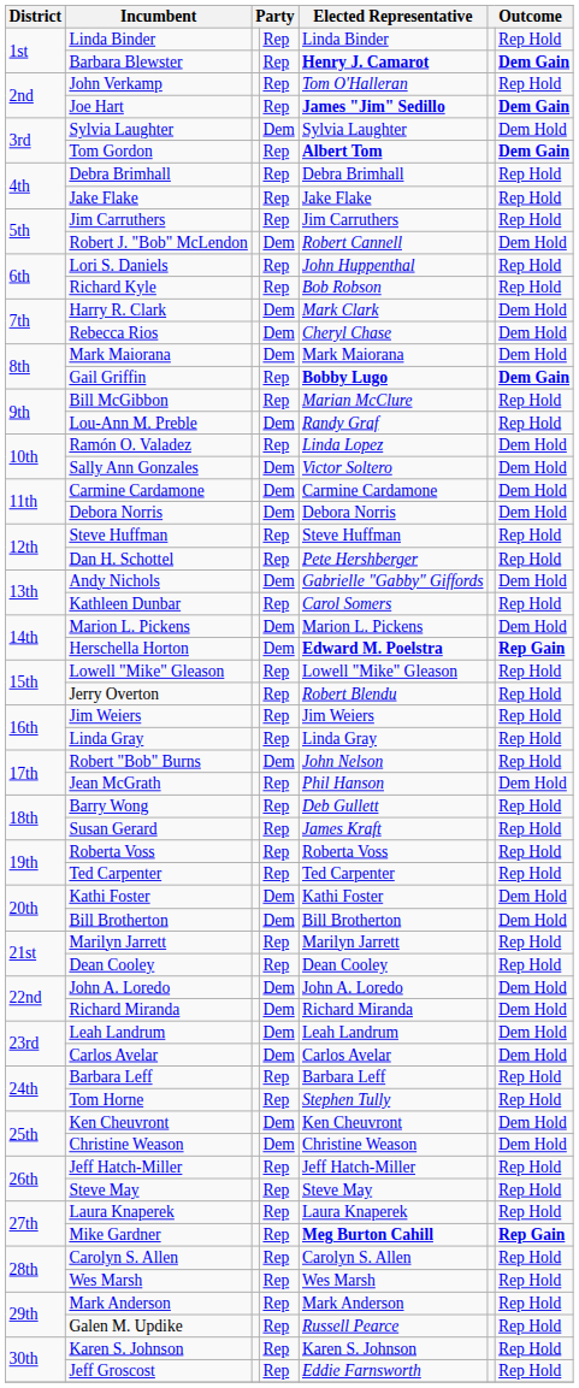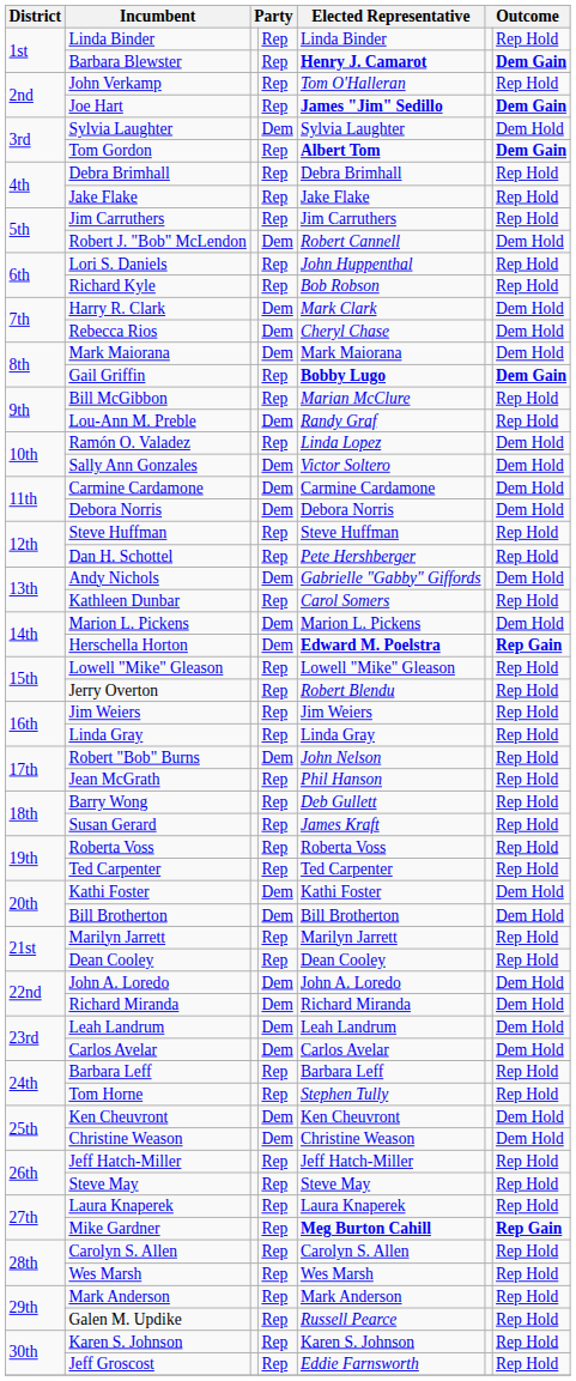 <table class="sortable wikitable" style="font-size:95%;line-height:14px;">
 <tr>
 <th>District</th>
 <th>Incumbent</th>
 <th colspan="2">Party</th>
 <th>Elected Representative</th>
 <th colspan="2">Outcome</th>
 </tr>
 <tr>
 <td rowspan="2"><a href='#'>1st</a></td>
 <td><a href='#'>Linda Binder</a></td>
 <td style="background:"></td>
 <td><a href='#'>Rep</a></td>
 <td><a href='#'>Linda Binder</a></td>
 <td style="background:"></td>
 <td><a href='#'>Rep Hold</a></td>
 </tr>
 <tr>
 <td><a href='#'>Barbara Blewster</a></td>
 <td style="background:"></td>
 <td><a href='#'>Rep</a></td>
 <td><strong><a href='#'>Henry J. Camarot</a></strong></td>
 <td style="background:"></td>
 <td><strong><a href='#'>Dem Gain</a></strong></td>
 </tr>
 <tr>
 <td rowspan="2"><a href='#'>2nd</a></td>
 <td><a href='#'>John Verkamp</a></td>
 <td style="background:"></td>
 <td><a href='#'>Rep</a></td>
 <td><em><a href='#'>Tom O'Halleran</a></em></td>
 <td style="background:"></td>
 <td><a href='#'>Rep Hold</a></td>
 </tr>
 <tr>
 <td><a href='#'>Joe Hart</a></td>
 <td style="background:"></td>
 <td><a href='#'>Rep</a></td>
 <td><strong><a href='#'>James "Jim" Sedillo</a></strong></td>
 <td style="background:"></td>
 <td><strong><a href='#'>Dem Gain</a></strong></td>
 </tr>
 <tr>
 <td rowspan="2"><a href='#'>3rd</a></td>
 <td><a href='#'>Sylvia Laughter</a></td>
 <td style="background:"></td>
 <td><a href='#'>Dem</a></td>
 <td><a href='#'>Sylvia Laughter</a></td>
 <td style="background:"></td>
 <td><a href='#'>Dem Hold</a></td>
 </tr>
 <tr>
 <td><a href='#'>Tom Gordon</a></td>
 <td style="background:"></td>
 <td><a href='#'>Rep</a></td>
 <td><strong><a href='#'>Albert Tom</a></strong></td>
 <td style="background:"></td>
 <td><strong><a href='#'>Dem Gain</a></strong></td>
 </tr>
 <tr>
 <td rowspan="2"><a href='#'>4th</a></td>
 <td><a href='#'>Debra Brimhall</a></td>
 <td style="background:"></td>
 <td><a href='#'>Rep</a></td>
 <td><a href='#'>Debra Brimhall</a></td>
 <td style="background:"></td>
 <td><a href='#'>Rep Hold</a></td>
 </tr>
 <tr>
 <td><a href='#'>Jake Flake</a></td>
 <td style="background:"></td>
 <td><a href='#'>Rep</a></td>
 <td><a href='#'>Jake Flake</a></td>
 <td style="background:"></td>
 <td><a href='#'>Rep Hold</a></td>
 </tr>
 <tr>
 <td rowspan="2"><a href='#'>5th</a></td>
 <td><a href='#'>Jim Carruthers</a></td>
 <td style="background:"></td>
 <td><a href='#'>Rep</a></td>
 <td><a href='#'>Jim Carruthers</a></td>
 <td style="background:"></td>
 <td><a href='#'>Rep Hold</a></td>
 </tr>
 <tr>
 <td><a href='#'>Robert J. "Bob" McLendon</a></td>
 <td style="background:"></td>
 <td><a href='#'>Dem</a></td>
 <td><em><a href='#'>Robert Cannell</a></em></td>
 <td style="background:"></td>
 <td><a href='#'>Dem Hold</a></td>
 </tr>
 <tr>
 <td rowspan="2"><a href='#'>6th</a></td>
 <td><a href='#'>Lori S. Daniels</a></td>
 <td style="background:"></td>
 <td><a href='#'>Rep</a></td>
 <td><em><a href='#'>John Huppenthal</a></em></td>
 <td style="background:"></td>
 <td><a href='#'>Rep Hold</a></td>
 </tr>
 <tr>
 <td><a href='#'>Richard Kyle</a></td>
 <td style="background:"></td>
 <td><a href='#'>Rep</a></td>
 <td><em><a href='#'>Bob Robson</a></em></td>
 <td style="background:"></td>
 <td><a href='#'>Rep Hold</a></td>
 </tr>
 <tr>
 <td rowspan="2"><a href='#'>7th</a></td>
 <td><a href='#'>Harry R. Clark</a></td>
 <td style="background:"></td>
 <td><a href='#'>Dem</a></td>
 <td><em><a href='#'>Mark Clark</a></em></td>
 <td style="background:"></td>
 <td><a href='#'>Dem Hold</a></td>
 </tr>
 <tr>
 <td><a href='#'>Rebecca Rios</a></td>
 <td style="background:"></td>
 <td><a href='#'>Dem</a></td>
 <td><em><a href='#'>Cheryl Chase</a></em></td>
 <td style="background:"></td>
 <td><a href='#'>Dem Hold</a></td>
 </tr>
 <tr>
 <td rowspan="2"><a href='#'>8th</a></td>
 <td><a href='#'>Mark Maiorana</a></td>
 <td style="background:"></td>
 <td><a href='#'>Dem</a></td>
 <td><a href='#'>Mark Maiorana</a></td>
 <td style="background:"></td>
 <td><a href='#'>Dem Hold</a></td>
 </tr>
 <tr>
 <td><a href='#'>Gail Griffin</a></td>
 <td style="background:"></td>
 <td><a href='#'>Rep</a></td>
 <td><strong><a href='#'>Bobby Lugo</a></strong></td>
 <td style="background:"></td>
 <td><strong><a href='#'>Dem Gain</a></strong></td>
 </tr>
 <tr>
 <td rowspan="2"><a href='#'>9th</a></td>
 <td><a href='#'>Bill McGibbon</a></td>
 <td style="background:"></td>
 <td><a href='#'>Rep</a></td>
 <td><em><a href='#'>Marian McClure</a></em></td>
 <td style="background:"></td>
 <td><a href='#'>Rep Hold</a></td>
 </tr>
 <tr>
 <td><a href='#'>Lou-Ann M. Preble</a></td>
 <td style="background:"></td>
 <td><a href='#'>Dem</a></td>
 <td><em><a href='#'>Randy Graf</a></em></td>
 <td style="background:"></td>
 <td><a href='#'>Rep Hold</a></td>
 </tr>
 <tr>
 <td rowspan="2"><a href='#'>10th</a></td>
 <td><a href='#'>Ramón O. Valadez</a></td>
 <td style="background:"></td>
 <td><a href='#'>Rep</a></td>
 <td><em><a href='#'>Linda Lopez</a></em></td>
 <td style="background:"></td>
 <td><a href='#'>Dem Hold</a></td>
 </tr>
 <tr>
 <td><a href='#'>Sally Ann Gonzales</a></td>
 <td style="background:"></td>
 <td><a href='#'>Dem</a></td>
 <td><em><a href='#'>Victor Soltero</a></em></td>
 <td style="background:"></td>
 <td><a href='#'>Dem Hold</a></td>
 </tr>
 <tr>
 <td rowspan="2"><a href='#'>11th</a></td>
 <td><a href='#'>Carmine Cardamone</a></td>
 <td style="background:"></td>
 <td><a href='#'>Dem</a></td>
 <td><a href='#'>Carmine Cardamone</a></td>
 <td style="background:"></td>
 <td><a href='#'>Dem Hold</a></td>
 </tr>
 <tr>
 <td><a href='#'>Debora Norris</a></td>
 <td style="background:"></td>
 <td><a href='#'>Dem</a></td>
 <td><a href='#'>Debora Norris</a></td>
 <td style="background:"></td>
 <td><a href='#'>Dem Hold</a></td>
 </tr>
 <tr>
 <td rowspan="2"><a href='#'>12th</a></td>
 <td><a href='#'>Steve Huffman</a></td>
 <td style="background:"></td>
 <td><a href='#'>Rep</a></td>
 <td><a href='#'>Steve Huffman</a></td>
 <td style="background:"></td>
 <td><a href='#'>Rep Hold</a></td>
 </tr>
 <tr>
 <td><a href='#'>Dan H. Schottel</a></td>
 <td style="background:"></td>
 <td><a href='#'>Rep</a></td>
 <td><em><a href='#'>Pete Hershberger</a></em></td>
 <td style="background:"></td>
 <td><a href='#'>Rep Hold</a></td>
 </tr>
 <tr>
 <td rowspan="2"><a href='#'>13th</a></td>
 <td><a href='#'>Andy Nichols</a></td>
 <td style="background:"></td>
 <td><a href='#'>Dem</a></td>
 <td><em><a href='#'>Gabrielle "Gabby" Giffords</a></em></td>
 <td style="background:"></td>
 <td><a href='#'>Dem Hold</a></td>
 </tr>
 <tr>
 <td><a href='#'>Kathleen Dunbar</a></td>
 <td style="background:"></td>
 <td><a href='#'>Rep</a></td>
 <td><em><a href='#'>Carol Somers</a></em></td>
 <td style="background:"></td>
 <td><a href='#'>Rep Hold</a></td>
 </tr>
 <tr>
 <td rowspan="2"><a href='#'>14th</a></td>
 <td><a href='#'>Marion L. Pickens</a></td>
 <td style="background:"></td>
 <td><a href='#'>Dem</a></td>
 <td><a href='#'>Marion L. Pickens</a></td>
 <td style="background:"></td>
 <td><a href='#'>Dem Hold</a></td>
 </tr>
 <tr>
 <td><a href='#'>Herschella Horton</a></td>
 <td style="background:"></td>
 <td><a href='#'>Dem</a></td>
 <td><strong><a href='#'>Edward M. Poelstra</a></strong></td>
 <td style="background:"></td>
 <td><strong><a href='#'>Rep Gain</a></strong></td>
 </tr>
 <tr>
 <td rowspan="2"><a href='#'>15th</a></td>
 <td><a href='#'>Lowell "Mike" Gleason</a></td>
 <td style="background:"></td>
 <td><a href='#'>Rep</a></td>
 <td><a href='#'>Lowell "Mike" Gleason</a></td>
 <td style="background:"></td>
 <td><a href='#'>Rep Hold</a></td>
 </tr>
 <tr>
 <td>Jerry Overton</td>
 <td style="background:"></td>
 <td><a href='#'>Rep</a></td>
 <td><em><a href='#'>Robert Blendu</a></em></td>
 <td style="background:"></td>
 <td><a href='#'>Rep Hold</a></td>
 </tr>
 <tr>
 <td rowspan="2"><a href='#'>16th</a></td>
 <td><a href='#'>Jim Weiers</a></td>
 <td style="background:"></td>
 <td><a href='#'>Rep</a></td>
 <td><a href='#'>Jim Weiers</a></td>
 <td style="background:"></td>
 <td><a href='#'>Rep Hold</a></td>
 </tr>
 <tr>
 <td><a href='#'>Linda Gray</a></td>
 <td style="background:"></td>
 <td><a href='#'>Rep</a></td>
 <td><a href='#'>Linda Gray</a></td>
 <td style="background:"></td>
 <td><a href='#'>Rep Hold</a></td>
 </tr>
 <tr>
 <td rowspan="2"><a href='#'>17th</a></td>
 <td><a href='#'>Robert "Bob" Burns</a></td>
 <td style="background:"></td>
 <td><a href='#'>Dem</a></td>
 <td><em><a href='#'>John Nelson</a></em></td>
 <td style="background:"></td>
 <td><a href='#'>Rep Hold</a></td>
 </tr>
 <tr>
 <td><a href='#'>Jean McGrath</a></td>
 <td style="background:"></td>
 <td><a href='#'>Rep</a></td>
 <td><em><a href='#'>Phil Hanson</a></em></td>
 <td style="background:"></td>
-<td><a href='#'>Dem Hold</a></td>
+<td><a href='#'>Rep Hold</a></td>
 </tr>
 <tr>
 <td rowspan="2"><a href='#'>18th</a></td>
 <td><a href='#'>Barry Wong</a></td>
 <td style="background:"></td>
 <td><a href='#'>Rep</a></td>
 <td><em><a href='#'>Deb Gullett</a></em></td>
 <td style="background:"></td>
 <td><a href='#'>Rep Hold</a></td>
 </tr>
 <tr>
 <td><a href='#'>Susan Gerard</a></td>
 <td style="background:"></td>
 <td><a href='#'>Rep</a></td>
 <td><em><a href='#'>James Kraft</a></em></td>
 <td style="background:"></td>
 <td><a href='#'>Rep Hold</a></td>
 </tr>
 <tr>
 <td rowspan="2"><a href='#'>19th</a></td>
 <td><a href='#'>Roberta Voss</a></td>
 <td style="background:"></td>
 <td><a href='#'>Rep</a></td>
 <td><a href='#'>Roberta Voss</a></td>
 <td style="background:"></td>
 <td><a href='#'>Rep Hold</a></td>
 </tr>
 <tr>
 <td><a href='#'>Ted Carpenter</a></td>
 <td style="background:"></td>
 <td><a href='#'>Rep</a></td>
 <td><a href='#'>Ted Carpenter</a></td>
 <td style="background:"></td>
 <td><a href='#'>Rep Hold</a></td>
 </tr>
 <tr>
 <td rowspan="2"><a href='#'>20th</a></td>
 <td><a href='#'>Kathi Foster</a></td>
 <td style="background:"></td>
 <td><a href='#'>Dem</a></td>
 <td><a href='#'>Kathi Foster</a></td>
 <td style="background:"></td>
 <td><a href='#'>Dem Hold</a></td>
 </tr>
 <tr>
 <td><a href='#'>Bill Brotherton</a></td>
 <td style="background:"></td>
 <td><a href='#'>Dem</a></td>
 <td><a href='#'>Bill Brotherton</a></td>
 <td style="background:"></td>
 <td><a href='#'>Dem Hold</a></td>
 </tr>
 <tr>
 <td rowspan="2"><a href='#'>21st</a></td>
 <td><a href='#'>Marilyn Jarrett</a></td>
 <td style="background:"></td>
 <td><a href='#'>Rep</a></td>
 <td><a href='#'>Marilyn Jarrett</a></td>
 <td style="background:"></td>
 <td><a href='#'>Rep Hold</a></td>
 </tr>
 <tr>
 <td><a href='#'>Dean Cooley</a></td>
 <td style="background:"></td>
 <td><a href='#'>Rep</a></td>
 <td><a href='#'>Dean Cooley</a></td>
 <td style="background:"></td>
 <td><a href='#'>Rep Hold</a></td>
 </tr>
 <tr>
 <td rowspan="2"><a href='#'>22nd</a></td>
 <td><a href='#'>John A. Loredo</a></td>
 <td style="background:"></td>
 <td><a href='#'>Dem</a></td>
 <td><a href='#'>John A. Loredo</a></td>
 <td style="background:"></td>
 <td><a href='#'>Dem Hold</a></td>
 </tr>
 <tr>
 <td><a href='#'>Richard Miranda</a></td>
 <td style="background:"></td>
 <td><a href='#'>Dem</a></td>
 <td><a href='#'>Richard Miranda</a></td>
 <td style="background:"></td>
 <td><a href='#'>Dem Hold</a></td>
 </tr>
 <tr>
 <td rowspan="2"><a href='#'>23rd</a></td>
 <td><a href='#'>Leah Landrum</a></td>
 <td style="background:"></td>
 <td><a href='#'>Dem</a></td>
 <td><a href='#'>Leah Landrum</a></td>
 <td style="background:"></td>
 <td><a href='#'>Dem Hold</a></td>
 </tr>
 <tr>
 <td><a href='#'>Carlos Avelar</a></td>
 <td style="background:"></td>
 <td><a href='#'>Dem</a></td>
 <td><a href='#'>Carlos Avelar</a></td>
 <td style="background:"></td>
 <td><a href='#'>Dem Hold</a></td>
 </tr>
 <tr>
 <td rowspan="2"><a href='#'>24th</a></td>
 <td><a href='#'>Barbara Leff</a></td>
 <td style="background:"></td>
 <td><a href='#'>Rep</a></td>
 <td><a href='#'>Barbara Leff</a></td>
 <td style="background:"></td>
 <td><a href='#'>Rep Hold</a></td>
 </tr>
 <tr>
 <td><a href='#'>Tom Horne</a></td>
 <td style="background:"></td>
 <td><a href='#'>Rep</a></td>
 <td><em><a href='#'>Stephen Tully</a></em></td>
 <td style="background:"></td>
 <td><a href='#'>Rep Hold</a></td>
 </tr>
 <tr>
 <td rowspan="2"><a href='#'>25th</a></td>
 <td><a href='#'>Ken Cheuvront</a></td>
 <td style="background:"></td>
 <td><a href='#'>Dem</a></td>
 <td><a href='#'>Ken Cheuvront</a></td>
 <td style="background:"></td>
 <td><a href='#'>Dem Hold</a></td>
 </tr>
 <tr>
 <td><a href='#'>Christine Weason</a></td>
 <td style="background:"></td>
 <td><a href='#'>Dem</a></td>
 <td><a href='#'>Christine Weason</a></td>
 <td style="background:"></td>
 <td><a href='#'>Dem Hold</a></td>
 </tr>
 <tr>
 <td rowspan="2"><a href='#'>26th</a></td>
 <td><a href='#'>Jeff Hatch-Miller</a></td>
 <td style="background:"></td>
 <td><a href='#'>Rep</a></td>
 <td><a href='#'>Jeff Hatch-Miller</a></td>
 <td style="background:"></td>
 <td><a href='#'>Rep Hold</a></td>
 </tr>
 <tr>
 <td><a href='#'>Steve May</a></td>
 <td style="background:"></td>
 <td><a href='#'>Rep</a></td>
 <td><a href='#'>Steve May</a></td>
 <td style="background:"></td>
 <td><a href='#'>Rep Hold</a></td>
 </tr>
 <tr>
 <td rowspan="2"><a href='#'>27th</a></td>
 <td><a href='#'>Laura Knaperek</a></td>
 <td style="background:"></td>
 <td><a href='#'>Rep</a></td>
 <td><a href='#'>Laura Knaperek</a></td>
 <td style="background:"></td>
 <td><a href='#'>Rep Hold</a></td>
 </tr>
 <tr>
 <td><a href='#'>Mike Gardner</a></td>
 <td style="background:"></td>
 <td><a href='#'>Rep</a></td>
 <td><strong><a href='#'>Meg Burton Cahill</a></strong></td>
 <td style="background:"></td>
 <td><strong><a href='#'>Rep Gain</a></strong></td>
 </tr>
 <tr>
 <td rowspan="2"><a href='#'>28th</a></td>
 <td><a href='#'>Carolyn S. Allen</a></td>
 <td style="background:"></td>
 <td><a href='#'>Rep</a></td>
 <td><a href='#'>Carolyn S. Allen</a></td>
 <td style="background:"></td>
 <td><a href='#'>Rep Hold</a></td>
 </tr>
 <tr>
 <td><a href='#'>Wes Marsh</a></td>
 <td style="background:"></td>
 <td><a href='#'>Rep</a></td>
 <td><a href='#'>Wes Marsh</a></td>
 <td style="background:"></td>
 <td><a href='#'>Rep Hold</a></td>
 </tr>
 <tr>
 <td rowspan="2"><a href='#'>29th</a></td>
 <td><a href='#'>Mark Anderson</a></td>
 <td style="background:"></td>
 <td><a href='#'>Rep</a></td>
 <td><a href='#'>Mark Anderson</a></td>
 <td style="background:"></td>
 <td><a href='#'>Rep Hold</a></td>
 </tr>
 <tr>
 <td>Galen M. Updike</td>
 <td style="background:"></td>
 <td><a href='#'>Rep</a></td>
 <td><em><a href='#'>Russell Pearce</a></em></td>
 <td style="background:"></td>
 <td><a href='#'>Rep Hold</a></td>
 </tr>
 <tr>
 <td rowspan="2"><a href='#'>30th</a></td>
 <td><a href='#'>Karen S. Johnson</a></td>
 <td style="background:"></td>
 <td><a href='#'>Rep</a></td>
 <td><a href='#'>Karen S. Johnson</a></td>
 <td style="background:"></td>
 <td><a href='#'>Rep Hold</a></td>
 </tr>
 <tr>
 <td><a href='#'>Jeff Groscost</a></td>
 <td style="background:"></td>
 <td><a href='#'>Rep</a></td>
 <td><em><a href='#'>Eddie Farnsworth</a></em></td>
 <td style="background:"></td>
 <td><a href='#'>Rep Hold</a></td>
 </tr>
 <tr>
 </tr>
 </table>
